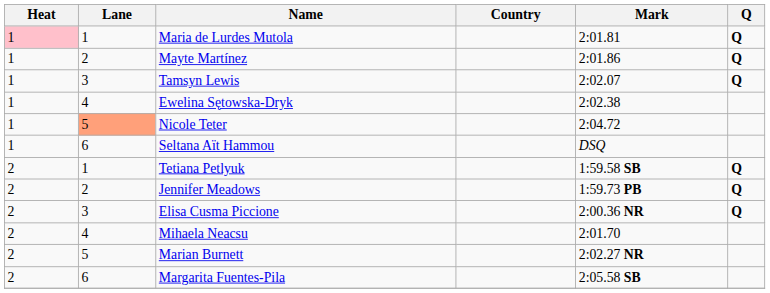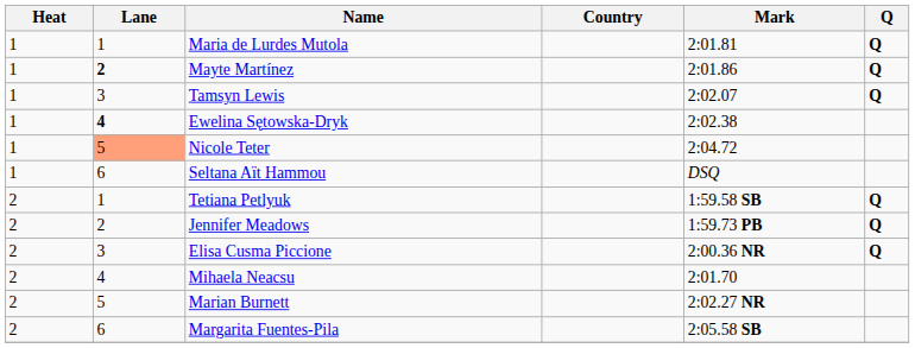 <table class="wikitable sortable" width=70%>
 <tr>
 <th>Heat</th>
 <th>Lane</th>
 <th>Name</th>
 <th>Country</th>
 <th>Mark</th>
 <th>Q</th>
 </tr>
 <tr>
-<td style="background: pink;">1</td>
+<td>1</td>
 <td>1</td>
 <td><a href='#'>Maria de Lurdes Mutola</a></td>
 <td></td>
 <td>2:01.81</td>
 <td><strong>Q</strong></td>
 </tr>
 <tr>
 <td>1</td>
-<td>2</td>
+<td><strong>2</strong></td>
 <td><a href='#'>Mayte Martínez</a></td>
 <td></td>
 <td>2:01.86</td>
 <td><strong>Q</strong></td>
 </tr>
 <tr>
 <td>1</td>
 <td>3</td>
 <td><a href='#'>Tamsyn Lewis</a></td>
 <td></td>
 <td>2:02.07</td>
 <td><strong>Q</strong></td>
 </tr>
 <tr>
 <td>1</td>
-<td>4</td>
+<td><strong>4</strong></td>
 <td><a href='#'>Ewelina Sętowska-Dryk</a></td>
 <td></td>
 <td>2:02.38</td>
 <td></td>
 </tr>
 <tr>
 <td>1</td>
 <td style="background: lightsalmon;">5</td>
 <td><a href='#'>Nicole Teter</a></td>
 <td></td>
 <td>2:04.72</td>
 <td></td>
 </tr>
 <tr>
 <td>1</td>
 <td>6</td>
 <td><a href='#'>Seltana Aït Hammou</a></td>
 <td></td>
 <td><em>DSQ</em></td>
 <td></td>
 </tr>
 <tr>
 <td>2</td>
 <td>1</td>
 <td><a href='#'>Tetiana Petlyuk</a></td>
 <td></td>
 <td>1:59.58 <strong>SB</strong></td>
 <td><strong>Q</strong></td>
 </tr>
 <tr>
 <td>2</td>
 <td>2</td>
 <td><a href='#'>Jennifer Meadows</a></td>
 <td></td>
 <td>1:59.73 <strong>PB</strong></td>
 <td><strong>Q</strong></td>
 </tr>
 <tr>
 <td>2</td>
 <td>3</td>
 <td><a href='#'>Elisa Cusma Piccione</a></td>
 <td></td>
 <td>2:00.36 <strong>NR</strong></td>
 <td><strong>Q</strong></td>
 </tr>
 <tr>
 <td>2</td>
 <td>4</td>
 <td><a href='#'>Mihaela Neacsu</a></td>
 <td></td>
 <td>2:01.70</td>
 <td></td>
 </tr>
 <tr>
 <td>2</td>
 <td>5</td>
 <td><a href='#'>Marian Burnett</a></td>
 <td></td>
 <td>2:02.27 <strong>NR</strong></td>
 <td></td>
 </tr>
 <tr>
 <td>2</td>
 <td>6</td>
 <td><a href='#'>Margarita Fuentes-Pila</a></td>
 <td></td>
 <td>2:05.58 <strong>SB</strong></td>
 <td></td>
 </tr>
 <tr>
 </tr>
 </table>
